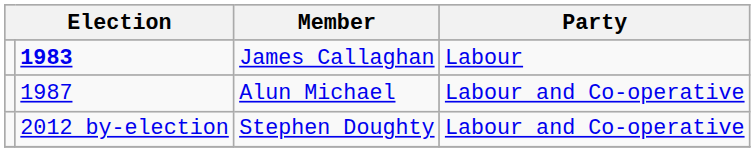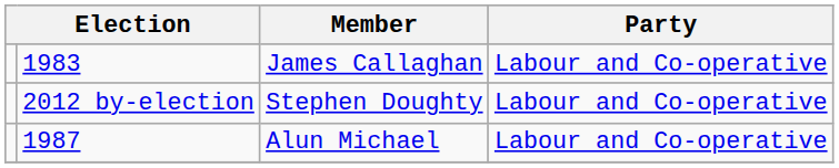 <table class="wikitable">
 <tr>
 <th colspan="2">Election</th>
 <th>Member</th>
 <th>Party</th>
 </tr>
 <tr>
 <td style="color:inherit;background-color: "></td>
-<td><strong><a href='#'>1983</a></strong></td>
+<td><a href='#'>1983</a></td>
 <td><a href='#'>James Callaghan</a></td>
-<td><a href='#'>Labour</a></td>
-</tr>
-<tr>
-<td style="color:inherit;background-color: "></td>
-<td><a href='#'>1987</a></td>
-<td><a href='#'>Alun Michael</a></td>
 <td><a href='#'>Labour and Co-operative</a></td>
 </tr>
 <tr>
 <td style="color:inherit;background-color: "></td>
 <td><a href='#'>2012 by-election</a></td>
 <td><a href='#'>Stephen Doughty</a></td>
 <td><a href='#'>Labour and Co-operative</a></td>
 </tr>
 <tr>
+<td style="color:inherit;background-color: "></td>
+<td><a href='#'>1987</a></td>
+<td><a href='#'>Alun Michael</a></td>
+<td><a href='#'>Labour and Co-operative</a></td>
+</tr>
+<tr>
 </tr>
 </table>
